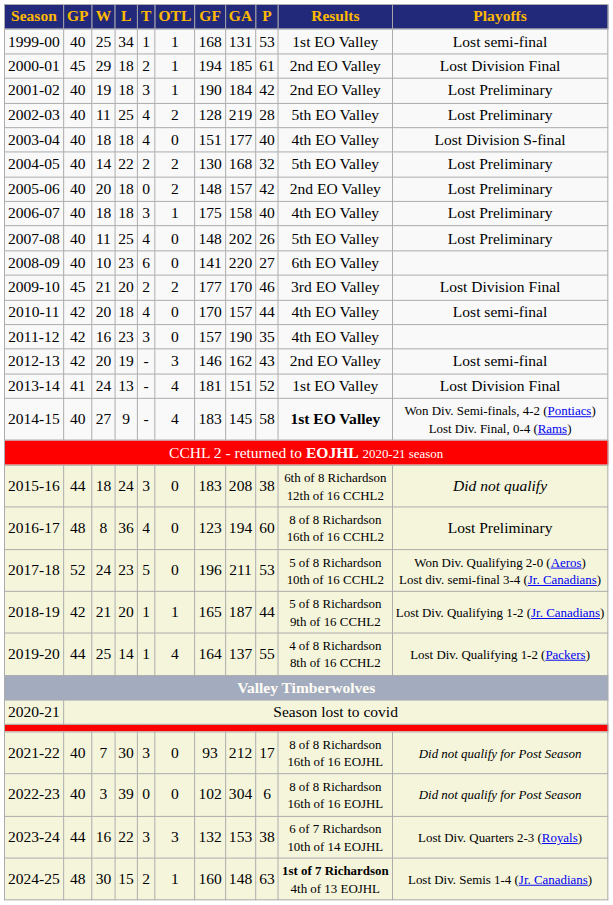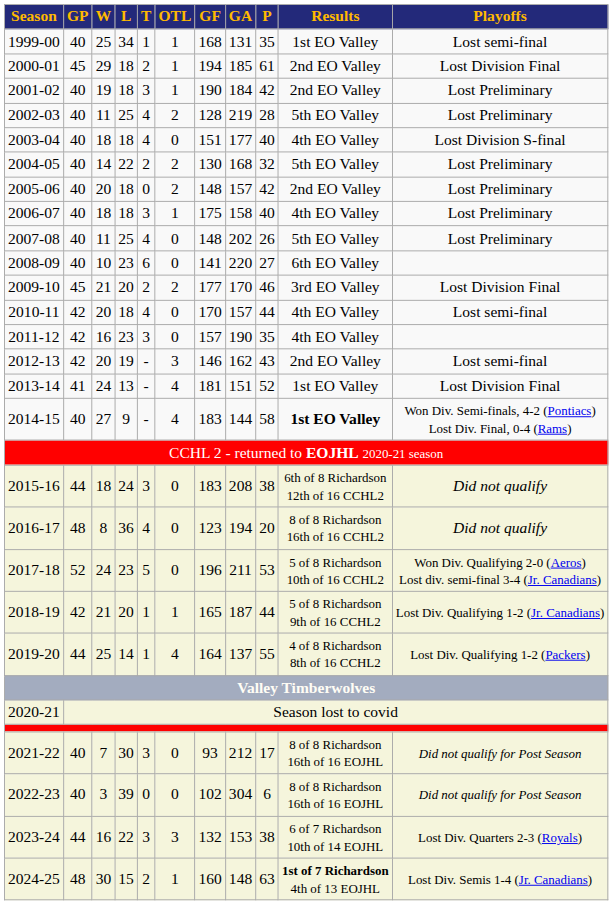 <table class="wikitable">
 <tr align="center" style="color: #FFBA00" bgcolor="#23297A">
 <td><strong>Season</strong></td>
 <td><strong>GP</strong></td>
 <td><strong>W</strong></td>
 <td><strong>L</strong></td>
 <td><strong>T</strong></td>
 <td><strong>OTL</strong></td>
 <td><strong>GF</strong></td>
 <td><strong>GA</strong></td>
 <td><strong>P</strong></td>
 <td><strong>Results</strong></td>
 <td><strong>Playoffs</strong></td>
 </tr>
 <tr align="center">
 <td>1999-00</td>
 <td>40</td>
 <td>25</td>
 <td>34</td>
 <td>1</td>
 <td>1</td>
 <td>168</td>
 <td>131</td>
-<td>53</td>
+<td>35</td>
 <td>1st EO Valley</td>
 <td>Lost semi-final</td>
 </tr>
 <tr align="center">
 <td>2000-01</td>
 <td>45</td>
 <td>29</td>
 <td>18</td>
 <td>2</td>
 <td>1</td>
 <td>194</td>
 <td>185</td>
 <td>61</td>
 <td>2nd EO Valley</td>
 <td>Lost Division Final</td>
 </tr>
 <tr align="center">
 <td>2001-02</td>
 <td>40</td>
 <td>19</td>
 <td>18</td>
 <td>3</td>
 <td>1</td>
 <td>190</td>
 <td>184</td>
 <td>42</td>
 <td>2nd EO Valley</td>
 <td>Lost Preliminary</td>
 </tr>
 <tr align="center">
 <td>2002-03</td>
 <td>40</td>
 <td>11</td>
 <td>25</td>
 <td>4</td>
 <td>2</td>
 <td>128</td>
 <td>219</td>
 <td>28</td>
 <td>5th EO Valley</td>
 <td>Lost Preliminary</td>
 </tr>
 <tr align="center">
 <td>2003-04</td>
 <td>40</td>
 <td>18</td>
 <td>18</td>
 <td>4</td>
 <td>0</td>
 <td>151</td>
 <td>177</td>
 <td>40</td>
 <td>4th EO Valley</td>
 <td>Lost Division S-final</td>
 </tr>
 <tr align="center">
 <td>2004-05</td>
 <td>40</td>
 <td>14</td>
 <td>22</td>
 <td>2</td>
 <td>2</td>
 <td>130</td>
 <td>168</td>
 <td>32</td>
 <td>5th EO Valley</td>
 <td>Lost Preliminary</td>
 </tr>
 <tr align="center">
 <td>2005-06</td>
 <td>40</td>
 <td>20</td>
 <td>18</td>
 <td>0</td>
 <td>2</td>
 <td>148</td>
 <td>157</td>
 <td>42</td>
 <td>2nd EO Valley</td>
 <td>Lost Preliminary</td>
 </tr>
 <tr align="center">
 <td>2006-07</td>
 <td>40</td>
 <td>18</td>
 <td>18</td>
 <td>3</td>
 <td>1</td>
 <td>175</td>
 <td>158</td>
 <td>40</td>
 <td>4th EO Valley</td>
 <td>Lost Preliminary</td>
 </tr>
 <tr align="center">
 <td>2007-08</td>
 <td>40</td>
 <td>11</td>
 <td>25</td>
 <td>4</td>
 <td>0</td>
 <td>148</td>
 <td>202</td>
 <td>26</td>
 <td>5th EO Valley</td>
 <td>Lost Preliminary</td>
 </tr>
 <tr align="center">
 <td>2008-09</td>
 <td>40</td>
 <td>10</td>
 <td>23</td>
 <td>6</td>
 <td>0</td>
 <td>141</td>
 <td>220</td>
 <td>27</td>
 <td>6th EO Valley</td>
 <td></td>
 </tr>
 <tr align="center">
 <td>2009-10</td>
 <td>45</td>
 <td>21</td>
 <td>20</td>
 <td>2</td>
 <td>2</td>
 <td>177</td>
 <td>170</td>
 <td>46</td>
 <td>3rd EO Valley</td>
 <td>Lost Division Final</td>
 </tr>
 <tr align="center">
 <td>2010-11</td>
 <td>42</td>
 <td>20</td>
 <td>18</td>
 <td>4</td>
 <td>0</td>
 <td>170</td>
 <td>157</td>
 <td>44</td>
 <td>4th EO Valley</td>
 <td>Lost semi-final</td>
 </tr>
 <tr align="center">
 <td>2011-12</td>
 <td>42</td>
 <td>16</td>
 <td>23</td>
 <td>3</td>
 <td>0</td>
 <td>157</td>
 <td>190</td>
 <td>35</td>
 <td>4th EO Valley</td>
 <td></td>
 </tr>
 <tr align="center">
 <td>2012-13</td>
 <td>42</td>
 <td>20</td>
 <td>19</td>
 <td>-</td>
 <td>3</td>
 <td>146</td>
 <td>162</td>
 <td>43</td>
 <td>2nd EO Valley</td>
 <td>Lost semi-final</td>
 </tr>
 <tr align="center">
 <td>2013-14</td>
 <td>41</td>
 <td>24</td>
 <td>13</td>
 <td>-</td>
 <td>4</td>
 <td>181</td>
 <td>151</td>
 <td>52</td>
 <td>1st EO Valley</td>
 <td>Lost Division Final</td>
 </tr>
 <tr align="center">
 <td>2014-15</td>
 <td>40</td>
 <td>27</td>
 <td>9</td>
 <td>-</td>
 <td>4</td>
 <td>183</td>
-<td>145</td>
+<td>144</td>
 <td>58</td>
 <td><strong>1st EO Valley</strong></td>
 <td><small>Won Div. Semi-finals, 4-2 (<a href='#'>Pontiacs</a>)<br>Lost Div. Final, 0-4 (<a href='#'>Rams</a>)</small></td>
 </tr>
 <tr align="center" bgcolor=red style="color: white">
 <td colspan="12">CCHL 2 - returned to <strong>EOJHL</strong> <small>2020-21 season</small></td>
 </tr>
 <tr align="center" bgcolor=beige>
 <td>2015-16</td>
 <td>44</td>
 <td>18</td>
 <td>24</td>
 <td>3</td>
 <td>0</td>
 <td>183</td>
 <td>208</td>
 <td>38</td>
 <td><small>6th of 8 Richardson<br>12th of 16 CCHL2</small></td>
 <td><em>Did not qualify</em></td>
 </tr>
 <tr align="center"  bgcolor=beige>
 <td>2016-17</td>
 <td>48</td>
 <td>8</td>
 <td>36</td>
 <td>4</td>
 <td>0</td>
 <td>123</td>
 <td>194</td>
-<td>60</td>
+<td>20</td>
 <td><small>8 of 8 Richardson<br>16th of 16 CCHL2 </small></td>
-<td>Lost Preliminary</td>
+<td><em>Did not qualify</em></td>
 </tr>
 <tr align="center"  bgcolor=beige>
 <td>2017-18</td>
 <td>52</td>
 <td>24</td>
 <td>23</td>
 <td>5</td>
 <td>0</td>
 <td>196</td>
 <td>211</td>
 <td>53</td>
 <td><small>5 of 8 Richardson<br>10th of 16 CCHL2 </small></td>
 <td><small>Won Div. Qualifying 2-0 (<a href='#'>Aeros</a>)<br>Lost div. semi-final 3-4 (<a href='#'>Jr. Canadians</a>)</small></td>
 </tr>
 <tr align="center"  bgcolor=beige>
 <td>2018-19</td>
 <td>42</td>
 <td>21</td>
 <td>20</td>
 <td>1</td>
 <td>1</td>
 <td>165</td>
 <td>187</td>
 <td>44</td>
 <td><small>5 of 8 Richardson<br>9th of 16 CCHL2 </small></td>
 <td><small>Lost Div. Qualifying 1-2 (<a href='#'>Jr. Canadians</a>)</small></td>
 </tr>
 <tr align="center"  bgcolor=beige>
 <td>2019-20</td>
 <td>44</td>
 <td>25</td>
 <td>14</td>
 <td>1</td>
 <td>4</td>
 <td>164</td>
 <td>137</td>
 <td>55</td>
 <td><small>4 of 8 Richardson<br>8th of 16 CCHL2 </small></td>
 <td><small>Lost Div. Qualifying 1-2 (<a href='#'>Packers</a>)</small></td>
 </tr>
 <tr align="center" bgcolor=#A3ACBF style="color: #FFFDF5">
 <td colspan="12"><strong>Valley Timberwolves</strong></td>
 </tr>
 <tr align="center" bgcolor=beige>
 <td>2020-21</td>
 <td colspan="10">Season lost to covid</td>
 </tr>
 <tr align="center" bgcolor=red style="color: white">
 <td colspan="12"></td>
 </tr>
 <tr align="center" bgcolor=beige>
 <td>2021-22</td>
 <td>40</td>
 <td>7</td>
 <td>30</td>
 <td>3</td>
 <td>0</td>
 <td>93</td>
 <td>212</td>
 <td>17</td>
 <td><small>8 of 8 Richardson<br>16th of 16 EOJHL </small></td>
 <td><small><em>Did not qualify for Post Season</em></small></td>
 </tr>
 <tr align="center" bgcolor=beige>
 <td>2022-23</td>
 <td>40</td>
 <td>3</td>
 <td>39</td>
 <td>0</td>
 <td>0</td>
 <td>102</td>
 <td>304</td>
 <td>6</td>
 <td><small>8 of 8 Richardson<br>16th of 16 EOJHL </small></td>
 <td><small><em>Did not qualify for Post Season</em></small></td>
 </tr>
 <tr align="center" bgcolor=beige>
 <td>2023-24</td>
 <td>44</td>
 <td>16</td>
 <td>22</td>
 <td>3</td>
 <td>3</td>
 <td>132</td>
 <td>153</td>
 <td>38</td>
 <td><small>6 of 7 Richardson<br>10th of 14 EOJHL </small></td>
 <td><small>Lost Div. Quarters 2-3 (<a href='#'>Royals</a>)</small></td>
 </tr>
 <tr align="center" bgcolor=beige>
 <td>2024-25</td>
 <td>48</td>
 <td>30</td>
 <td>15</td>
 <td>2</td>
 <td>1</td>
 <td>160</td>
 <td>148</td>
 <td>63</td>
 <td><small><strong>1st of 7 Richardson</strong><br>4th of 13 EOJHL </small></td>
 <td><small>Lost Div. Semis 1-4 (<a href='#'>Jr. Canadians</a>)</small></td>
 </tr>
 </table>
